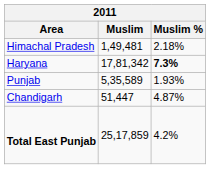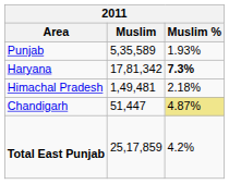 <table class="wikitable sortable">
 <tr>
 <th colspan="3">2011</th>
 </tr>
 <tr>
 <th>Area</th>
 <th>Muslim</th>
 <th>Muslim %</th>
 </tr>
 <tr>
-<td><a href='#'>Himachal Pradesh</a></td>
-<td>1,49,481</td>
-<td>2.18%</td>
+<td><a href='#'>Punjab</a></td>
+<td>5,35,589</td>
+<td>1.93%</td>
 </tr>
 <tr>
 <td><a href='#'>Haryana</a></td>
 <td>17,81,342</td>
 <td><strong>7.3%</strong></td>
 </tr>
 <tr>
-<td><a href='#'>Punjab</a></td>
-<td>5,35,589</td>
-<td>1.93%</td>
+<td><a href='#'>Himachal Pradesh</a></td>
+<td>1,49,481</td>
+<td>2.18%</td>
 </tr>
 <tr>
 <td><a href='#'>Chandigarh</a></td>
 <td>51,447</td>
-<td>4.87%</td>
+<td style="background: khaki;">4.87%</td>
 </tr>
 <tr>
 <td><br><h4>Total East Punjab</h4></td>
 <td>25,17,859</td>
 <td>4.2%</td>
 </tr>
 </table>
